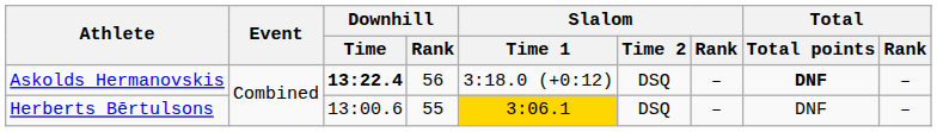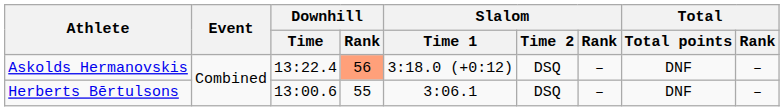 <table class="wikitable" style="font-size:90%">
 <tr>
 <th rowspan="2">Athlete</th>
 <th rowspan="2">Event</th>
 <th colspan="2">Downhill</th>
 <th colspan="3">Slalom</th>
 <th colspan="2">Total</th>
 </tr>
 <tr>
 <th>Time</th>
 <th>Rank</th>
 <th>Time 1</th>
 <th>Time 2</th>
 <th>Rank</th>
 <th>Total points</th>
 <th>Rank</th>
 </tr>
 <tr>
 <td><a href='#'>Askolds Hermanovskis</a></td>
 <td rowspan="2">Combined</td>
-<td align="center"><strong>13:22.4</strong></td>
-<td align="center">56</td>
+<td align="center">13:22.4</td>
+<td align="center" style="background: lightsalmon;">56</td>
 <td align="center">3:18.0 (+0:12)</td>
 <td align="center">DSQ</td>
 <td align="center">–</td>
-<td align="center"><strong>DNF</strong></td>
+<td align="center">DNF</td>
 <td align="center">–</td>
 </tr>
 <tr>
 <td><a href='#'>Herberts Bērtulsons</a></td>
 <td align="center">13:00.6</td>
 <td align="center">55</td>
-<td align="center" style="background: gold;">3:06.1</td>
+<td align="center">3:06.1</td>
 <td align="center">DSQ</td>
 <td align="center">–</td>
 <td align="center">DNF</td>
 <td align="center">–</td>
 </tr>
 </table>
